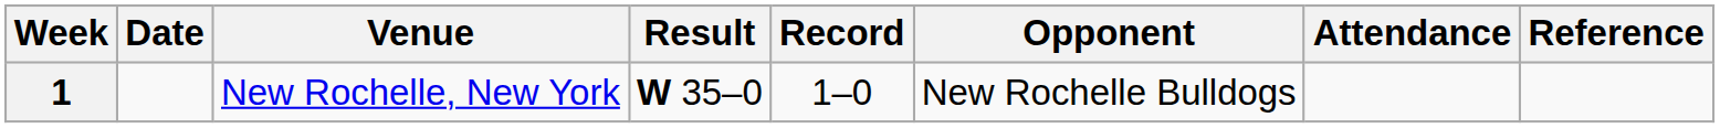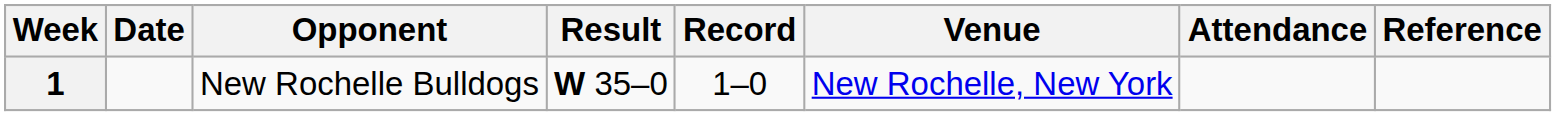 <table class="wikitable" style="text-align:center">
 <tr>
 <th>Week</th>
 <th>Date</th>
-<th>Venue</th>
+<th>Opponent</th>
 <th>Result</th>
 <th>Record</th>
-<th>Opponent</th>
+<th>Venue</th>
 <th>Attendance</th>
 <th>Reference</th>
 </tr>
 <tr>
 <th>1</th>
 <td></td>
-<td><a href='#'>New Rochelle, New York</a></td>
+<td>New Rochelle Bulldogs</td>
 <td><strong>W</strong> 35–0</td>
 <td>1–0</td>
-<td>New Rochelle Bulldogs</td>
+<td><a href='#'>New Rochelle, New York</a></td>
 <td></td>
 <td></td>
 </tr>
 </table>
